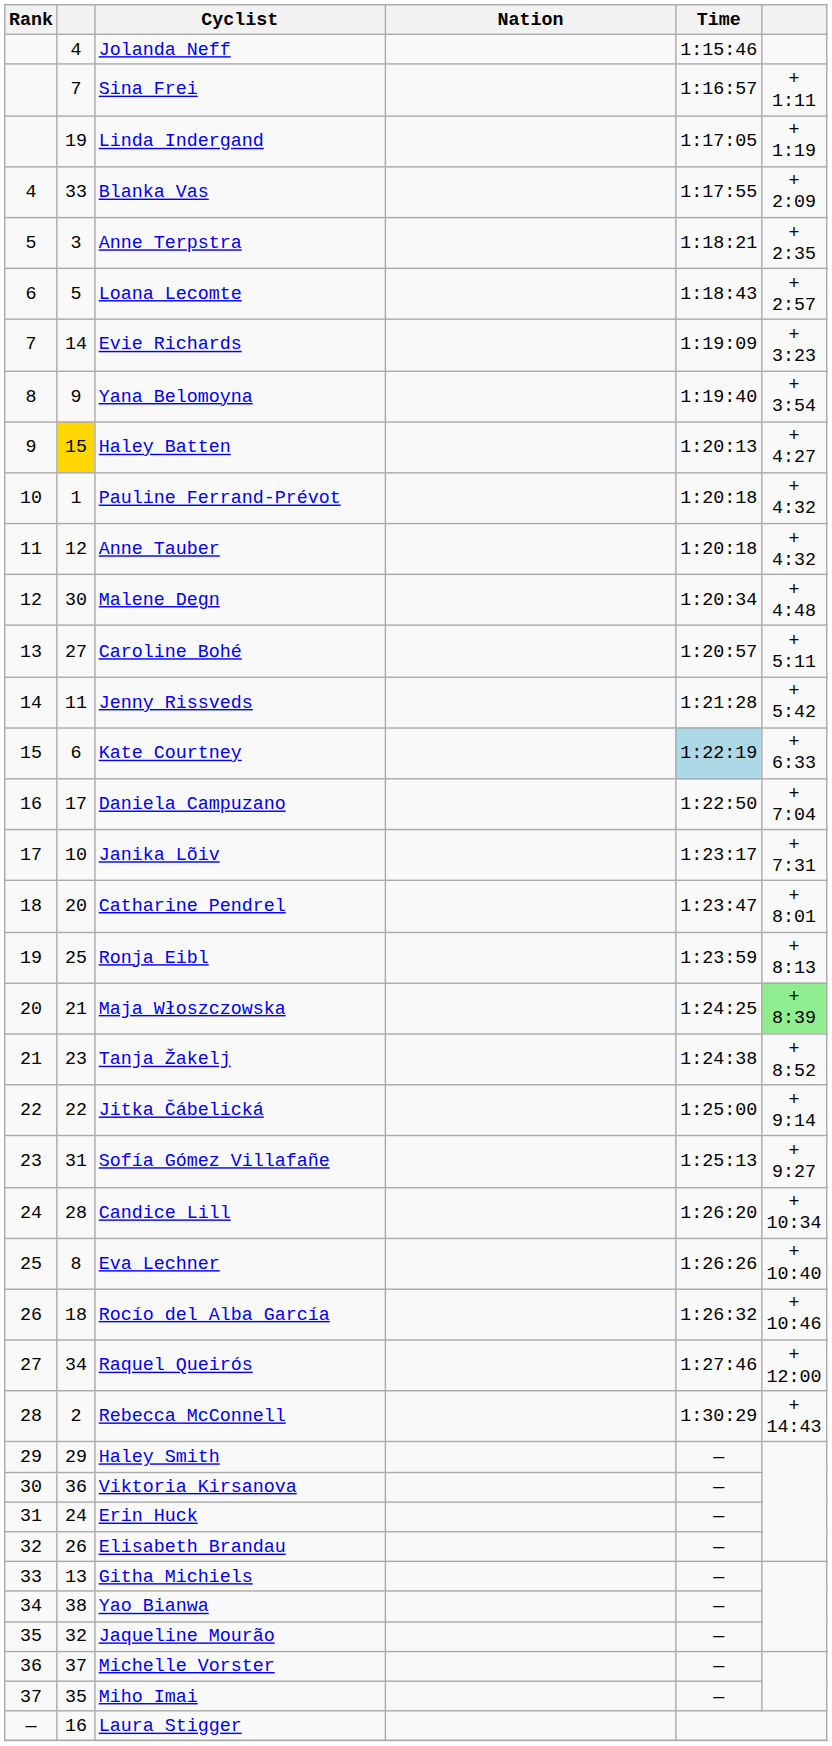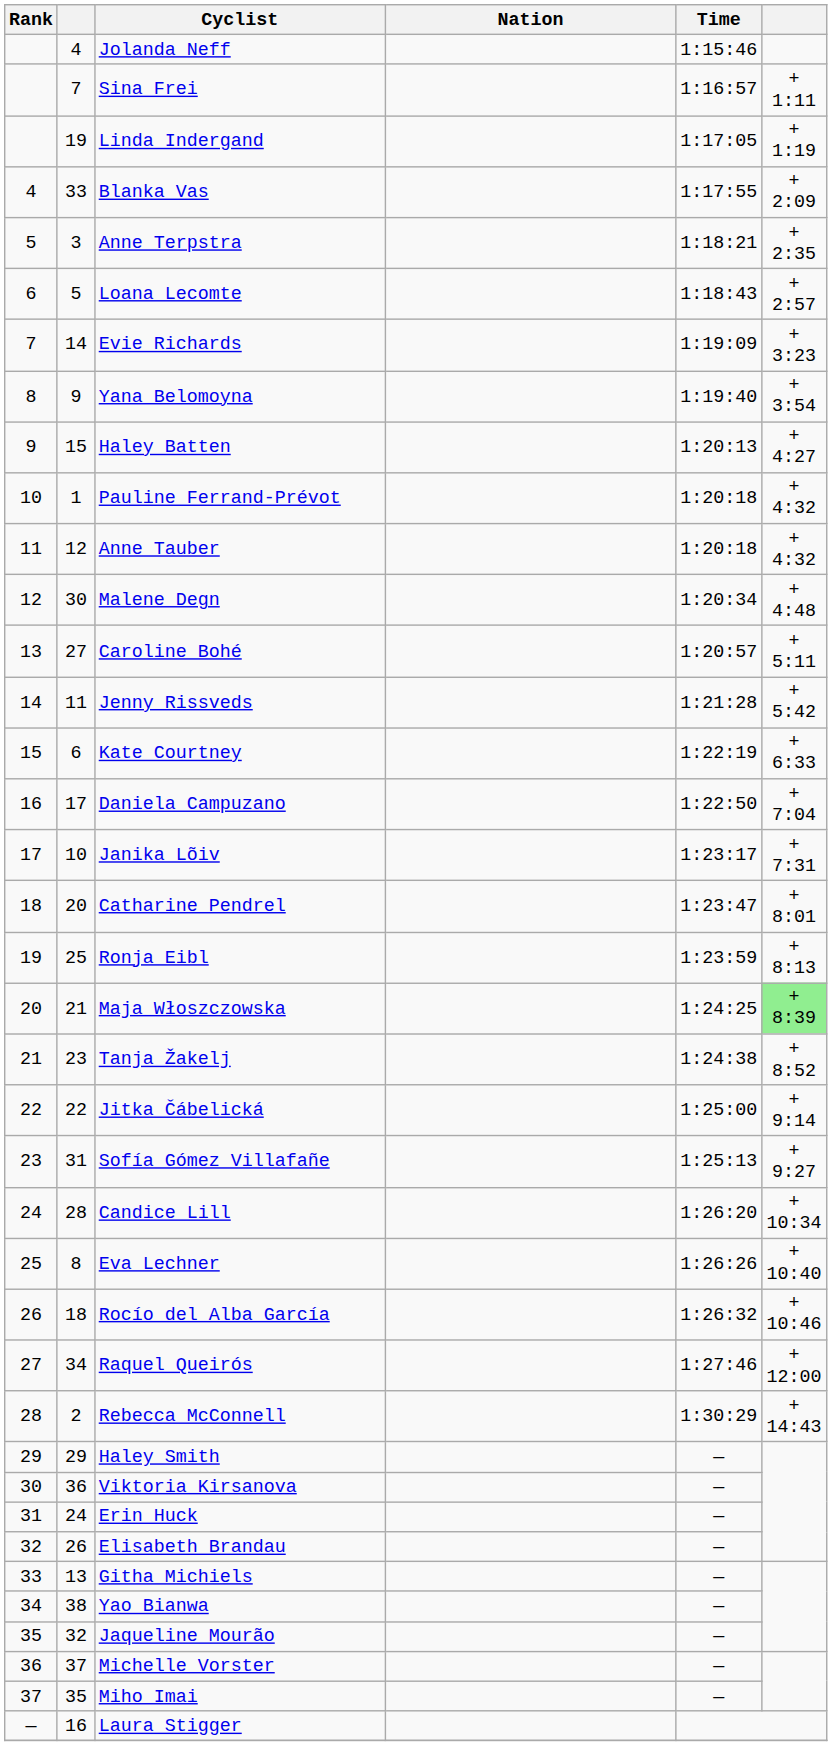 <table class="wikitable sortable" style="text-align:center">
 <tr style="background:#efefef;">
 <th width="30">Rank</th>
 <th width="20"></th>
 <th width="200">Cyclist</th>
 <th width="200">Nation</th>
 <th width="40">Time</th>
 <th width="40"></th>
 </tr>
 <tr>
 <td></td>
 <td>4</td>
 <td align="left"><a href='#'>Jolanda Neff</a></td>
 <td align="left"></td>
 <td>1:15:46</td>
 <td></td>
 </tr>
 <tr>
 <td></td>
 <td>7</td>
 <td align="left"><a href='#'>Sina Frei</a></td>
 <td align="left"></td>
 <td>1:16:57</td>
 <td>+ 1:11</td>
 </tr>
 <tr>
 <td></td>
 <td>19</td>
 <td align="left"><a href='#'>Linda Indergand</a></td>
 <td align="left"></td>
 <td>1:17:05</td>
 <td>+ 1:19</td>
 </tr>
 <tr>
 <td>4</td>
 <td>33</td>
 <td align="left"><a href='#'>Blanka Vas</a></td>
 <td align="left"></td>
 <td>1:17:55</td>
 <td>+ 2:09</td>
 </tr>
 <tr>
 <td>5</td>
 <td>3</td>
 <td align="left"><a href='#'>Anne Terpstra</a></td>
 <td align="left"></td>
 <td>1:18:21</td>
 <td>+ 2:35</td>
 </tr>
 <tr>
 <td>6</td>
 <td>5</td>
 <td align="left"><a href='#'>Loana Lecomte</a></td>
 <td align="left"></td>
 <td>1:18:43</td>
 <td>+ 2:57</td>
 </tr>
 <tr>
 <td>7</td>
 <td>14</td>
 <td align="left"><a href='#'>Evie Richards</a></td>
 <td align="left"></td>
 <td>1:19:09</td>
 <td>+ 3:23</td>
 </tr>
 <tr>
 <td>8</td>
 <td>9</td>
 <td align="left"><a href='#'>Yana Belomoyna</a></td>
 <td align="left"></td>
 <td>1:19:40</td>
 <td>+ 3:54</td>
 </tr>
 <tr>
 <td>9</td>
-<td style="background: gold;">15</td>
+<td>15</td>
 <td align="left"><a href='#'>Haley Batten</a></td>
 <td align="left"></td>
 <td>1:20:13</td>
 <td>+ 4:27</td>
 </tr>
 <tr>
 <td>10</td>
 <td>1</td>
 <td align="left"><a href='#'>Pauline Ferrand-Prévot</a></td>
 <td align="left"></td>
 <td>1:20:18</td>
 <td>+ 4:32</td>
 </tr>
 <tr>
 <td>11</td>
 <td>12</td>
 <td align="left"><a href='#'>Anne Tauber</a></td>
 <td align="left"></td>
 <td>1:20:18</td>
 <td>+ 4:32</td>
 </tr>
 <tr>
 <td>12</td>
 <td>30</td>
 <td align="left"><a href='#'>Malene Degn</a></td>
 <td align="left"></td>
 <td>1:20:34</td>
 <td>+ 4:48</td>
 </tr>
 <tr>
 <td>13</td>
 <td>27</td>
 <td align="left"><a href='#'>Caroline Bohé</a></td>
 <td align="left"></td>
 <td>1:20:57</td>
 <td>+ 5:11</td>
 </tr>
 <tr>
 <td>14</td>
 <td>11</td>
 <td align="left"><a href='#'>Jenny Rissveds</a></td>
 <td align="left"></td>
 <td>1:21:28</td>
 <td>+ 5:42</td>
 </tr>
 <tr>
 <td>15</td>
 <td>6</td>
 <td align="left"><a href='#'>Kate Courtney</a></td>
 <td align="left"></td>
-<td style="background: lightblue;">1:22:19</td>
+<td>1:22:19</td>
 <td>+ 6:33</td>
 </tr>
 <tr>
 <td>16</td>
 <td>17</td>
 <td align="left"><a href='#'>Daniela Campuzano</a></td>
 <td align="left"></td>
 <td>1:22:50</td>
 <td>+ 7:04</td>
 </tr>
 <tr>
 <td>17</td>
 <td>10</td>
 <td align="left"><a href='#'>Janika Lõiv</a></td>
 <td align="left"></td>
 <td>1:23:17</td>
 <td>+ 7:31</td>
 </tr>
 <tr>
 <td>18</td>
 <td>20</td>
 <td align="left"><a href='#'>Catharine Pendrel</a></td>
 <td align="left"></td>
 <td>1:23:47</td>
 <td>+ 8:01</td>
 </tr>
 <tr>
 <td>19</td>
 <td>25</td>
 <td align="left"><a href='#'>Ronja Eibl</a></td>
 <td align="left"></td>
 <td>1:23:59</td>
 <td>+ 8:13</td>
 </tr>
 <tr>
 <td>20</td>
 <td>21</td>
 <td align="left"><a href='#'>Maja Włoszczowska</a></td>
 <td align="left"></td>
 <td>1:24:25</td>
 <td style="background: lightgreen;">+ 8:39</td>
 </tr>
 <tr>
 <td>21</td>
 <td>23</td>
 <td align="left"><a href='#'>Tanja Žakelj</a></td>
 <td align="left"></td>
 <td>1:24:38</td>
 <td>+ 8:52</td>
 </tr>
 <tr>
 <td>22</td>
 <td>22</td>
 <td align="left"><a href='#'>Jitka Čábelická</a></td>
 <td align="left"></td>
 <td>1:25:00</td>
 <td>+ 9:14</td>
 </tr>
 <tr>
 <td>23</td>
 <td>31</td>
 <td align="left"><a href='#'>Sofía Gómez Villafañe</a></td>
 <td align="left"></td>
 <td>1:25:13</td>
 <td>+ 9:27</td>
 </tr>
 <tr>
 <td>24</td>
 <td>28</td>
 <td align="left"><a href='#'>Candice Lill</a></td>
 <td align="left"></td>
 <td>1:26:20</td>
 <td>+ 10:34</td>
 </tr>
 <tr>
 <td>25</td>
 <td>8</td>
 <td align="left"><a href='#'>Eva Lechner</a></td>
 <td align="left"></td>
 <td>1:26:26</td>
 <td>+ 10:40</td>
 </tr>
 <tr>
 <td>26</td>
 <td>18</td>
 <td align="left"><a href='#'>Rocío del Alba García</a></td>
 <td align="left"></td>
 <td>1:26:32</td>
 <td>+ 10:46</td>
 </tr>
 <tr>
 <td>27</td>
 <td>34</td>
 <td align="left"><a href='#'>Raquel Queirós</a></td>
 <td align="left"></td>
 <td>1:27:46</td>
 <td>+ 12:00</td>
 </tr>
 <tr>
 <td>28</td>
 <td>2</td>
 <td align="left"><a href='#'>Rebecca McConnell</a></td>
 <td align="left"></td>
 <td>1:30:29</td>
 <td>+ 14:43</td>
 </tr>
 <tr>
 <td>29</td>
 <td>29</td>
 <td align="left"><a href='#'>Haley Smith</a></td>
 <td align="left"></td>
 <td data-sort-value="29">—</td>
 <td rowspan="4"></td>
 </tr>
 <tr>
 <td>30</td>
 <td>36</td>
 <td align="left"><a href='#'>Viktoria Kirsanova</a></td>
 <td align="left"></td>
 <td data-sort-value="30">—</td>
 </tr>
 <tr>
 <td>31</td>
 <td>24</td>
 <td align="left"><a href='#'>Erin Huck</a></td>
 <td align="left"></td>
 <td data-sort-value="31">—</td>
 </tr>
 <tr>
 <td>32</td>
 <td>26</td>
 <td align="left"><a href='#'>Elisabeth Brandau</a></td>
 <td align="left"></td>
 <td data-sort-value="32">—</td>
 </tr>
 <tr>
 <td>33</td>
 <td>13</td>
 <td align="left"><a href='#'>Githa Michiels</a></td>
 <td align="left"></td>
 <td data-sort-value="33">—</td>
 <td rowspan="3"></td>
 </tr>
 <tr>
 <td>34</td>
 <td>38</td>
 <td align="left"><a href='#'>Yao Bianwa</a></td>
 <td align="left"></td>
 <td data-sort-value="34">—</td>
 </tr>
 <tr>
 <td>35</td>
 <td>32</td>
 <td align="left"><a href='#'>Jaqueline Mourão</a></td>
 <td align="left"></td>
 <td data-sort-value="35">—</td>
 </tr>
 <tr>
 <td>36</td>
 <td>37</td>
 <td align="left"><a href='#'>Michelle Vorster</a></td>
 <td align="left"></td>
 <td data-sort-value="36">—</td>
 <td rowspan="2"></td>
 </tr>
 <tr>
 <td>37</td>
 <td>35</td>
 <td align="left"><a href='#'>Miho Imai</a></td>
 <td align="left"></td>
 <td data-sort-value="37">—</td>
 </tr>
 <tr>
 <td data-sort-value="38">—</td>
 <td>16</td>
 <td align="left"><a href='#'>Laura Stigger</a></td>
 <td align="left"></td>
 <td colspan="2" data-sort-value="38"></td>
 </tr>
 <tr>
 </tr>
 </table>
